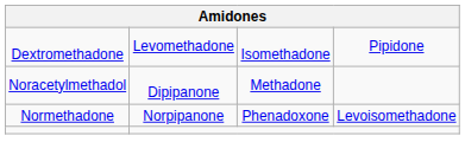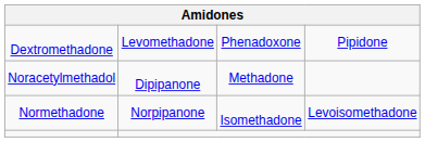 <table class="wikitable" style="font-size:smaller; text-align:center">
 <tr>
 <th colspan="5">Amidones</th>
 </tr>
 <tr>
 <td><br><a href='#'>Dextromethadone</a></td>
 <td> <a href='#'>Levomethadone</a></td>
-<td><br><a href='#'>Isomethadone</a></td>
+<td> <a href='#'>Phenadoxone</a></td>
 <td> <a href='#'>Pipidone</a></td>
 </tr>
 <tr>
 <td> <a href='#'>Noracetylmethadol</a></td>
 <td><br><a href='#'>Dipipanone</a></td>
 <td> <a href='#'>Methadone</a></td>
 <td></td>
 </tr>
 <tr>
 <td> <a href='#'>Normethadone</a></td>
 <td> <a href='#'>Norpipanone</a></td>
-<td> <a href='#'>Phenadoxone</a></td>
+<td><br><a href='#'>Isomethadone</a></td>
 <td> <a href='#'>Levoisomethadone</a></td>
 </tr>
 <tr>
 <td></td>
 </tr>
 </table>
